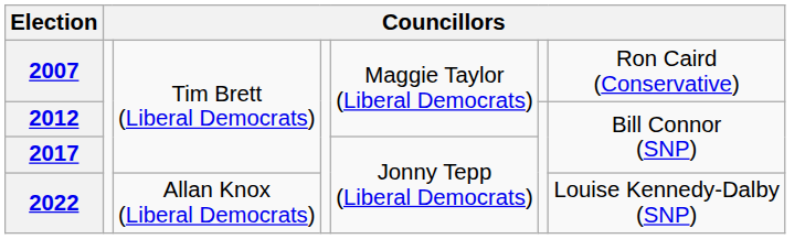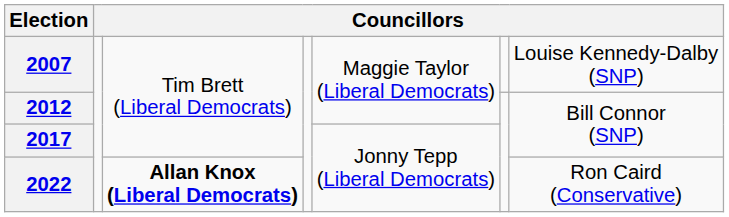 <table class="wikitable" style="text-align:center">
 <tr>
 <th>Election</th>
 <th colspan=6>Councillors</th>
 </tr>
 <tr>
 <th><a href='#'>2007</a></th>
 <td rowspan=4; style="background-color: "></td>
 <td rowspan=3>Tim Brett<br>(<a href='#'>Liberal Democrats</a>)</td>
 <td rowspan=4; style="background-color: "></td>
 <td rowspan=2>Maggie Taylor<br>(<a href='#'>Liberal Democrats</a>)</td>
 <td rowspan=1; style="background-color: "></td>
-<td rowspan=1>Ron Caird<br>(<a href='#'>Conservative</a>)</td>
+<td rowspan=1>Louise Kennedy-Dalby<br>(<a href='#'>SNP</a>)</td>
 </tr>
 <tr>
 <th><a href='#'>2012</a></th>
 <td rowspan=3; style="background-color: "></td>
 <td rowspan=2>Bill Connor<br>(<a href='#'>SNP</a>)</td>
 </tr>
 <tr>
 <th><a href='#'>2017</a></th>
 <td rowspan=2>Jonny Tepp<br>(<a href='#'>Liberal Democrats</a>)</td>
 </tr>
 <tr>
 <th><a href='#'>2022</a></th>
-<td rowspan=1>Allan Knox<br>(<a href='#'>Liberal Democrats</a>)</td>
-<td rowspan=1>Louise Kennedy-Dalby<br>(<a href='#'>SNP</a>)</td>
+<td rowspan=1><strong>Allan Knox<br>(<a href='#'>Liberal Democrats</a>)</strong></td>
+<td rowspan=1>Ron Caird<br>(<a href='#'>Conservative</a>)</td>
 </tr>
 </table>
